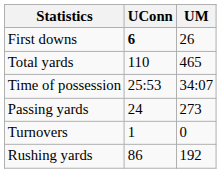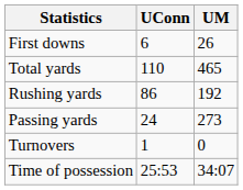 <table class="wikitable">
 <tr>
 <th>Statistics</th>
 <th>UConn</th>
 <th>UM</th>
 </tr>
 <tr>
 <td>First downs</td>
-<td><strong>6</strong></td>
+<td>6</td>
 <td>26</td>
 </tr>
 <tr>
 <td>Total yards</td>
 <td>110</td>
 <td>465</td>
 </tr>
 <tr>
-<td>Time of possession</td>
-<td>25:53</td>
-<td>34:07</td>
+<td>Rushing yards</td>
+<td>86</td>
+<td>192</td>
 </tr>
 <tr>
 <td>Passing yards</td>
 <td>24</td>
 <td>273</td>
 </tr>
 <tr>
 <td>Turnovers</td>
 <td>1</td>
 <td>0</td>
 </tr>
 <tr>
-<td>Rushing yards</td>
-<td>86</td>
-<td>192</td>
+<td>Time of possession</td>
+<td>25:53</td>
+<td>34:07</td>
 </tr>
 </table>
